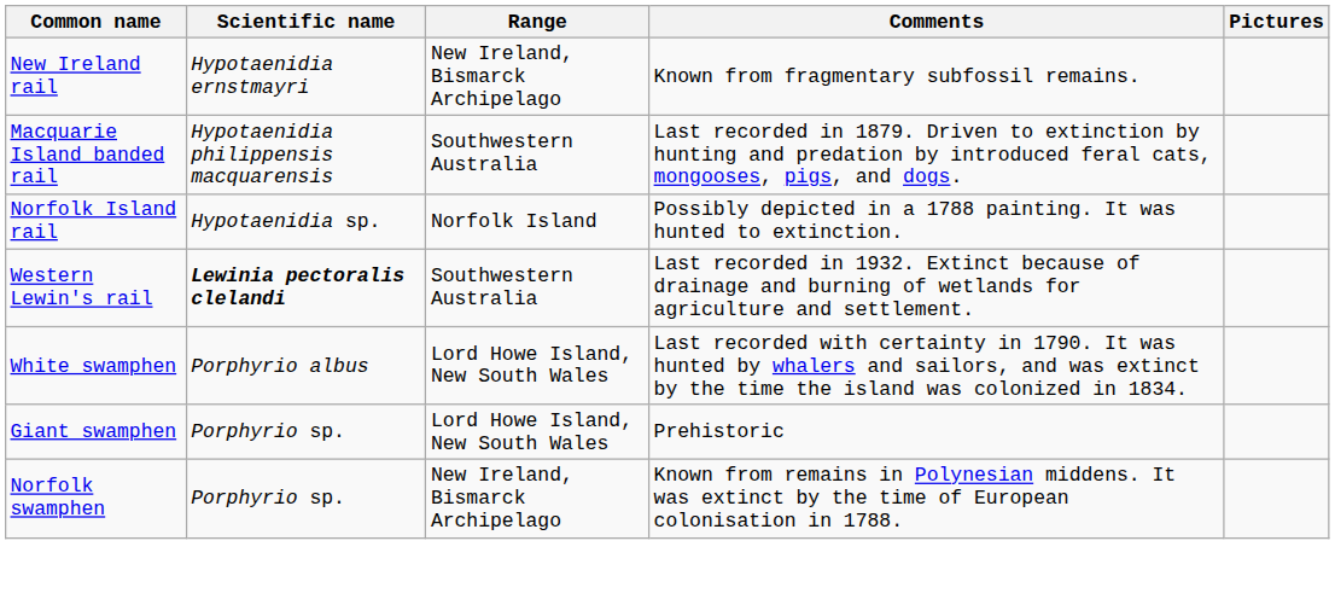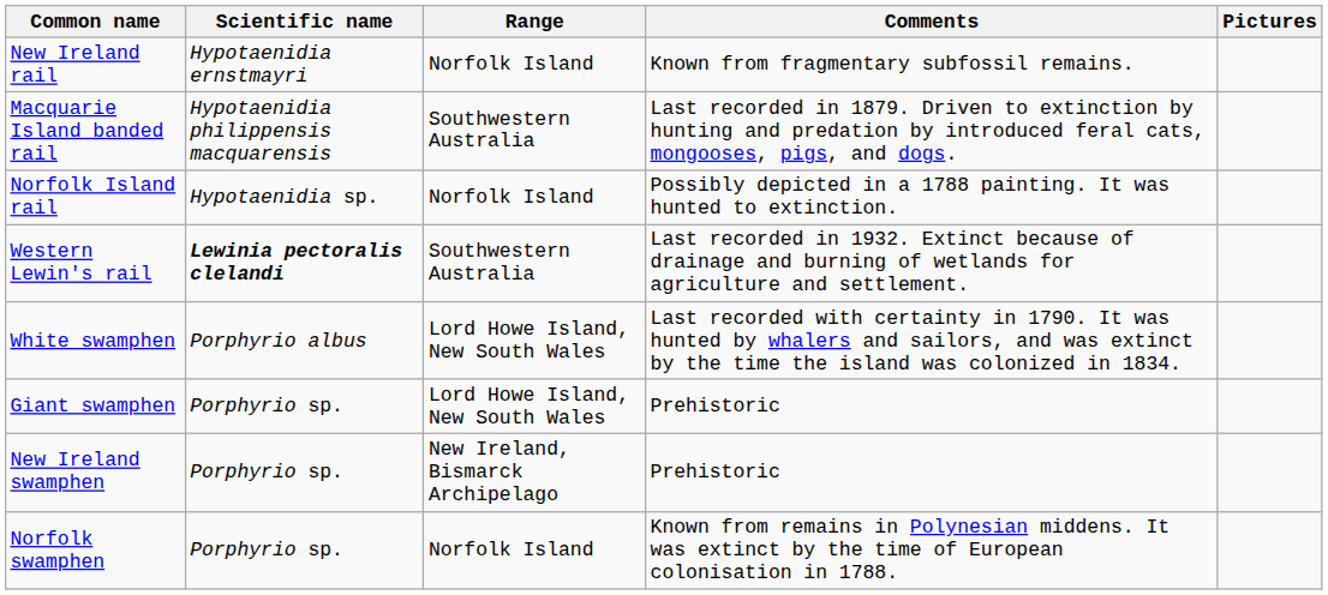 <table class="wikitable">
 <tr>
 <th>Common name</th>
 <th>Scientific name</th>
 <th>Range</th>
 <th class="unsortable">Comments</th>
 <th class="unsortable">Pictures</th>
 </tr>
 <tr>
 <td><a href='#'>New Ireland rail</a></td>
 <td><em>Hypotaenidia ernstmayri</em></td>
-<td>New Ireland, Bismarck Archipelago</td>
+<td>Norfolk Island</td>
 <td>Known from fragmentary subfossil remains.</td>
 <td></td>
 </tr>
 <tr>
 <td><a href='#'>Macquarie Island banded rail</a></td>
 <td><em>Hypotaenidia philippensis macquarensis</em></td>
 <td>Southwestern Australia</td>
 <td>Last recorded in 1879. Driven to extinction by hunting and predation by introduced feral cats, <a href='#'>mongooses</a>, <a href='#'>pigs</a>, and <a href='#'>dogs</a>.</td>
 <td></td>
 </tr>
 <tr>
 <td><a href='#'>Norfolk Island rail</a></td>
 <td><em>Hypotaenidia</em> sp.</td>
 <td>Norfolk Island</td>
 <td>Possibly depicted in a 1788 painting. It was hunted to extinction.</td>
 </tr>
 <tr>
 <td><a href='#'>Western Lewin's rail</a></td>
 <td><strong><em>Lewinia pectoralis clelandi</em></strong></td>
 <td>Southwestern Australia</td>
 <td>Last recorded in 1932. Extinct because of drainage and burning of wetlands for agriculture and settlement.</td>
 <td></td>
 </tr>
 <tr>
 <td><a href='#'>White swamphen</a></td>
 <td><em>Porphyrio albus</em></td>
 <td>Lord Howe Island, New South Wales</td>
 <td>Last recorded with certainty in 1790. It was hunted by <a href='#'>whalers</a> and sailors, and was extinct by the time the island was colonized in 1834.</td>
 <td></td>
 </tr>
 <tr>
 <td><a href='#'>Giant swamphen</a></td>
 <td><em>Porphyrio</em> sp.</td>
 <td>Lord Howe Island, New South Wales</td>
 <td>Prehistoric</td>
 <td></td>
 </tr>
 <tr>
+<td><a href='#'>New Ireland swamphen</a></td>
+<td><em>Porphyrio</em> sp.</td>
+<td>New Ireland, Bismarck Archipelago</td>
+<td>Prehistoric</td>
+<td></td>
+</tr>
+<tr>
 <td><a href='#'>Norfolk swamphen</a></td>
 <td><em>Porphyrio</em> sp.</td>
-<td>New Ireland, Bismarck Archipelago</td>
+<td>Norfolk Island</td>
 <td>Known from remains in <a href='#'>Polynesian</a> middens. It was extinct by the time of European colonisation in 1788.</td>
 <td></td>
 </tr>
 </table>
